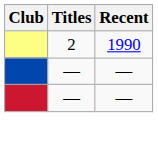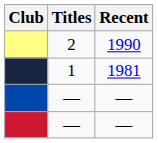 <table class="wikitable" style="text-align:center; width=60%;">
 <tr>
 <th>Club</th>
 <th>Titles</th>
 <th>Recent</th>
 </tr>
 <tr>
 <td style=background-color:#FCFF84;color:#AD9759><strong><a href='#'></a></strong></td>
 <td>2</td>
 <td><a href='#'>1990</a></td>
 </tr>
 <tr>
+<td style=background-color:#172442;color:Goldenrod><strong><a href='#'></a></strong></td>
+<td>1</td>
+<td><a href='#'>1981</a></td>
+</tr>
+<tr>
 <td style=background-color:#0046AD;color:#DF0101><strong><a href='#'></a></strong></td>
 <td>—</td>
 <td>—</td>
 </tr>
 <tr>
 <td style=background-color:#CD1731;color:#FFFFFF><strong><a href='#'></a></strong></td>
 <td>—</td>
 <td>—</td>
 </tr>
 </table>
